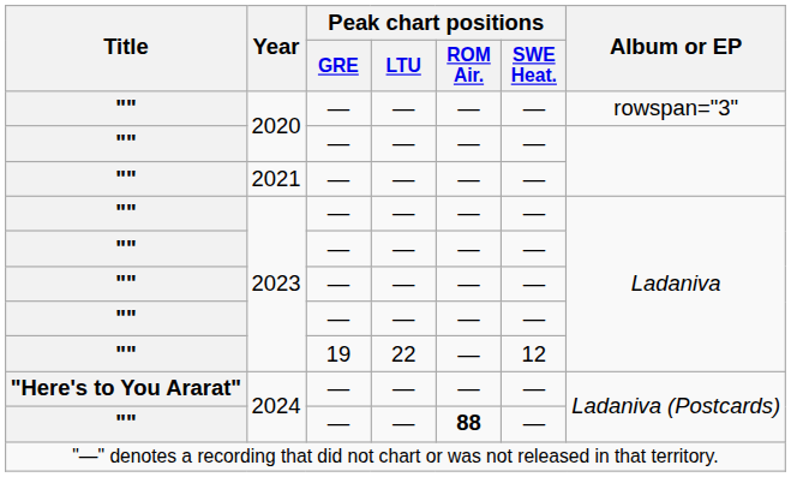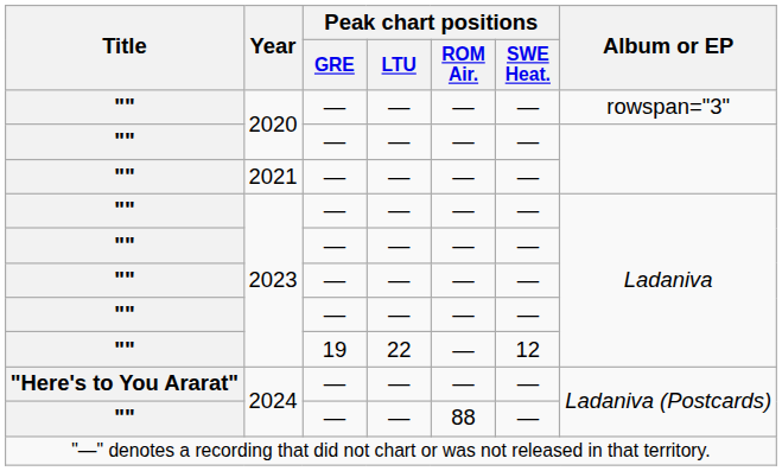 <table class="wikitable plainrowheaders" style="text-align:center;">
 <tr>
 <th scope="col" rowspan="2">Title</th>
 <th scope="col" rowspan="2">Year</th>
 <th scope="col" colspan="4">Peak chart positions</th>
 <th scope="col" rowspan="2">Album or EP</th>
 </tr>
 <tr>
 <th scope="col" style="width:3em;font-size:85%;"><a href='#'>GRE</a><br></th>
 <th scope="col" style="width:3em;font-size:85%;"><a href='#'>LTU</a><br></th>
 <th scope="col" style="width:3em;font-size:85%;"><a href='#'>ROM<br>Air.</a><br></th>
 <th scope="col" style="width:3em;font-size:85%;"><a href='#'>SWE<br>Heat.</a><br></th>
 </tr>
 <tr>
 <th scope="row">""</th>
 <td rowspan="2">2020</td>
 <td>—</td>
 <td>—</td>
 <td>—</td>
 <td>—</td>
 <td>rowspan="3" </td>
 </tr>
 <tr>
 <th scope="row">""</th>
 <td>—</td>
 <td>—</td>
 <td>—</td>
 <td>—</td>
 </tr>
 <tr>
 <th scope="row">""</th>
 <td>2021</td>
 <td>—</td>
 <td>—</td>
 <td>—</td>
 <td>—</td>
 </tr>
 <tr>
 <th scope="row">""</th>
 <td rowspan="5">2023</td>
 <td>—</td>
 <td>—</td>
 <td>—</td>
 <td>—</td>
 <td rowspan="5"><em>Ladaniva</em></td>
 </tr>
 <tr>
 <th scope="row">""</th>
 <td>—</td>
 <td>—</td>
 <td>—</td>
 <td>—</td>
 </tr>
 <tr>
 <th scope="row">""</th>
 <td>—</td>
 <td>—</td>
 <td>—</td>
 <td>—</td>
 </tr>
 <tr>
 <th scope="row">""</th>
 <td>—</td>
 <td>—</td>
 <td>—</td>
 <td>—</td>
 </tr>
 <tr>
 <th scope="row">""</th>
 <td>19</td>
 <td>22</td>
 <td>—</td>
 <td>12</td>
 </tr>
 <tr>
 <th scope="row">"Here's to You Ararat"</th>
 <td rowspan="2">2024</td>
 <td>—</td>
 <td>—</td>
 <td>—</td>
 <td>—</td>
 <td rowspan="2"><em>Ladaniva (Postcards)</em></td>
 </tr>
 <tr>
 <th scope="row">""</th>
 <td>—</td>
 <td>—</td>
-<td><strong>88</strong></td>
+<td>88</td>
 <td>—</td>
 </tr>
 <tr>
 <td colspan="8" style="font-size:85%">"—" denotes a recording that did not chart or was not released in that territory.</td>
 </tr>
 </table>
